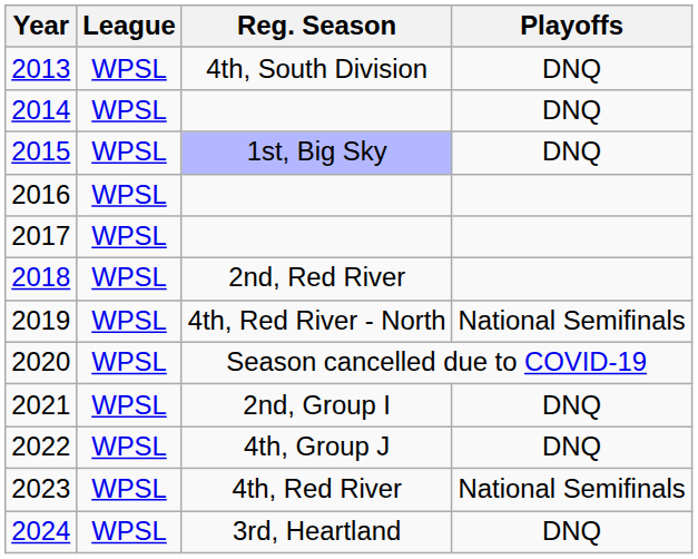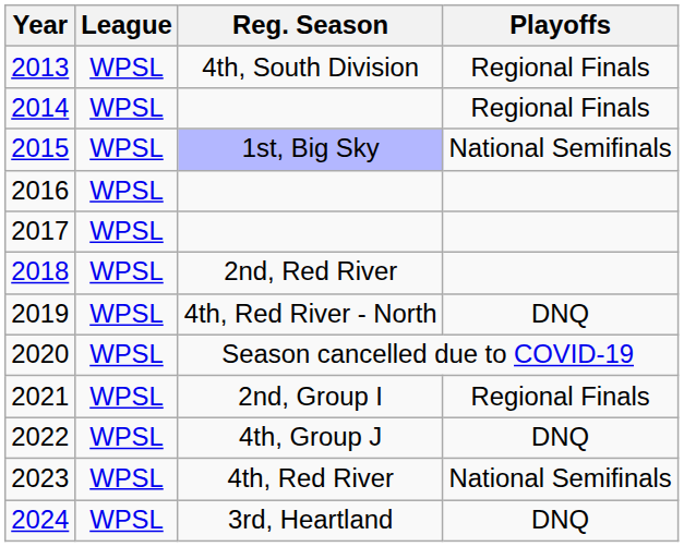 <table class="wikitable" style="text-align:center">
 <tr>
 <th>Year</th>
 <th>League</th>
 <th>Reg. Season</th>
 <th>Playoffs</th>
 </tr>
 <tr>
 <td><a href='#'>2013</a></td>
 <td><a href='#'>WPSL</a></td>
 <td>4th, South Division</td>
-<td>DNQ</td>
+<td>Regional Finals</td>
 </tr>
 <tr>
 <td><a href='#'>2014</a></td>
 <td><a href='#'>WPSL</a></td>
 <td></td>
-<td>DNQ</td>
+<td>Regional Finals</td>
 </tr>
 <tr>
 <td><a href='#'>2015</a></td>
 <td><a href='#'>WPSL</a></td>
 <td bgcolor="B3B7FF">1st, Big Sky</td>
-<td>DNQ</td>
+<td>National Semifinals</td>
 </tr>
 <tr>
 <td>2016</td>
 <td><a href='#'>WPSL</a></td>
 <td></td>
 <td></td>
 </tr>
 <tr>
 <td>2017</td>
 <td><a href='#'>WPSL</a></td>
 <td></td>
 <td></td>
 </tr>
 <tr>
 <td><a href='#'>2018</a></td>
 <td><a href='#'>WPSL</a></td>
 <td>2nd, Red River</td>
 <td></td>
 </tr>
 <tr>
 <td>2019</td>
 <td><a href='#'>WPSL</a></td>
 <td>4th, Red River - North</td>
-<td>National Semifinals</td>
+<td>DNQ</td>
 </tr>
 <tr>
 <td>2020</td>
 <td><a href='#'>WPSL</a></td>
 <td colspan=2 style=align-text:center>Season cancelled due to <a href='#'>COVID-19</a></td>
 </tr>
 <tr>
 <td>2021</td>
 <td><a href='#'>WPSL</a></td>
 <td>2nd, Group I</td>
-<td>DNQ</td>
+<td>Regional Finals</td>
 </tr>
 <tr>
 <td>2022</td>
 <td><a href='#'>WPSL</a></td>
 <td>4th, Group J</td>
 <td>DNQ</td>
 </tr>
 <tr>
 <td>2023</td>
 <td><a href='#'>WPSL</a></td>
 <td>4th, Red River</td>
 <td>National Semifinals</td>
 </tr>
 <tr>
 <td><a href='#'>2024</a></td>
 <td><a href='#'>WPSL</a></td>
 <td>3rd, Heartland</td>
 <td>DNQ</td>
 </tr>
 </table>
